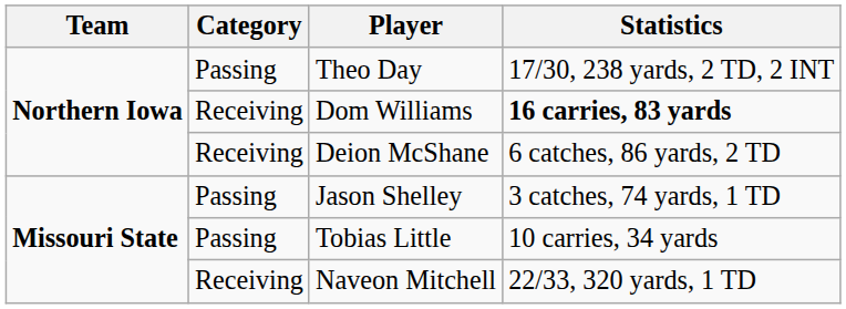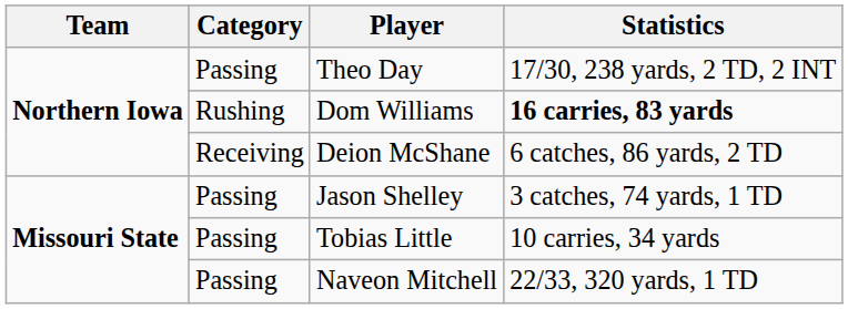 <table class="wikitable" style="float: right;">
 <tr>
 <th>Team</th>
 <th>Category</th>
 <th>Player</th>
 <th>Statistics</th>
 </tr>
 <tr>
 <td rowspan=3><strong>Northern Iowa</strong></td>
 <td>Passing</td>
 <td>Theo Day</td>
 <td>17/30, 238 yards, 2 TD, 2 INT</td>
 </tr>
 <tr>
-<td>Receiving</td>
+<td>Rushing</td>
 <td>Dom Williams</td>
 <td><strong>16 carries, 83 yards</strong></td>
 </tr>
 <tr>
 <td>Receiving</td>
 <td>Deion McShane</td>
 <td>6 catches, 86 yards, 2 TD</td>
 </tr>
 <tr>
 <td rowspan=3><strong>Missouri State</strong></td>
 <td>Passing</td>
 <td>Jason Shelley</td>
 <td>3 catches, 74 yards, 1 TD</td>
 </tr>
 <tr>
 <td>Passing</td>
 <td>Tobias Little</td>
 <td>10 carries, 34 yards</td>
 </tr>
 <tr>
-<td>Receiving</td>
+<td>Passing</td>
 <td>Naveon Mitchell</td>
 <td>22/33, 320 yards, 1 TD</td>
 </tr>
 </table>
